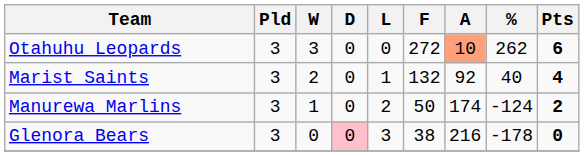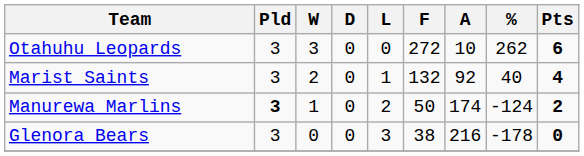 <table class="wikitable" style="text-align:center;">
 <tr>
 <th width=175>Team</th>
 <th width=20 abbr="Played">Pld</th>
 <th width=20 abbr="Won">W</th>
 <th width=20 abbr="Drawn">D</th>
 <th width=20 abbr="Lost">L</th>
 <th width=20 abbr="For">F</th>
 <th width=20 abbr="Against">A</th>
 <th width=20 abbr="Points">%</th>
 <th width=20 abbr="Points">Pts</th>
 </tr>
 <tr>
 <td style="text-align:left;"><a href='#'>Otahuhu Leopards</a></td>
 <td>3</td>
 <td>3</td>
 <td>0</td>
 <td>0</td>
 <td>272</td>
-<td style="background: lightsalmon;">10</td>
+<td>10</td>
 <td>262</td>
 <td><strong>6</strong></td>
 </tr>
 <tr>
 <td style="text-align:left;"><a href='#'>Marist Saints</a></td>
 <td>3</td>
 <td>2</td>
 <td>0</td>
 <td>1</td>
 <td>132</td>
 <td>92</td>
 <td>40</td>
 <td><strong>4</strong></td>
 </tr>
 <tr>
 <td style="text-align:left;"><a href='#'>Manurewa Marlins</a></td>
-<td>3</td>
+<td><strong>3</strong></td>
 <td>1</td>
 <td>0</td>
 <td>2</td>
 <td>50</td>
 <td>174</td>
 <td>-124</td>
 <td><strong>2</strong></td>
 </tr>
 <tr>
 <td style="text-align:left;"><a href='#'>Glenora Bears</a></td>
 <td>3</td>
 <td>0</td>
-<td style="background: pink;">0</td>
+<td>0</td>
 <td>3</td>
 <td>38</td>
 <td>216</td>
 <td>-178</td>
 <td><strong>0</strong></td>
 </tr>
 <tr>
 </tr>
 </table>
